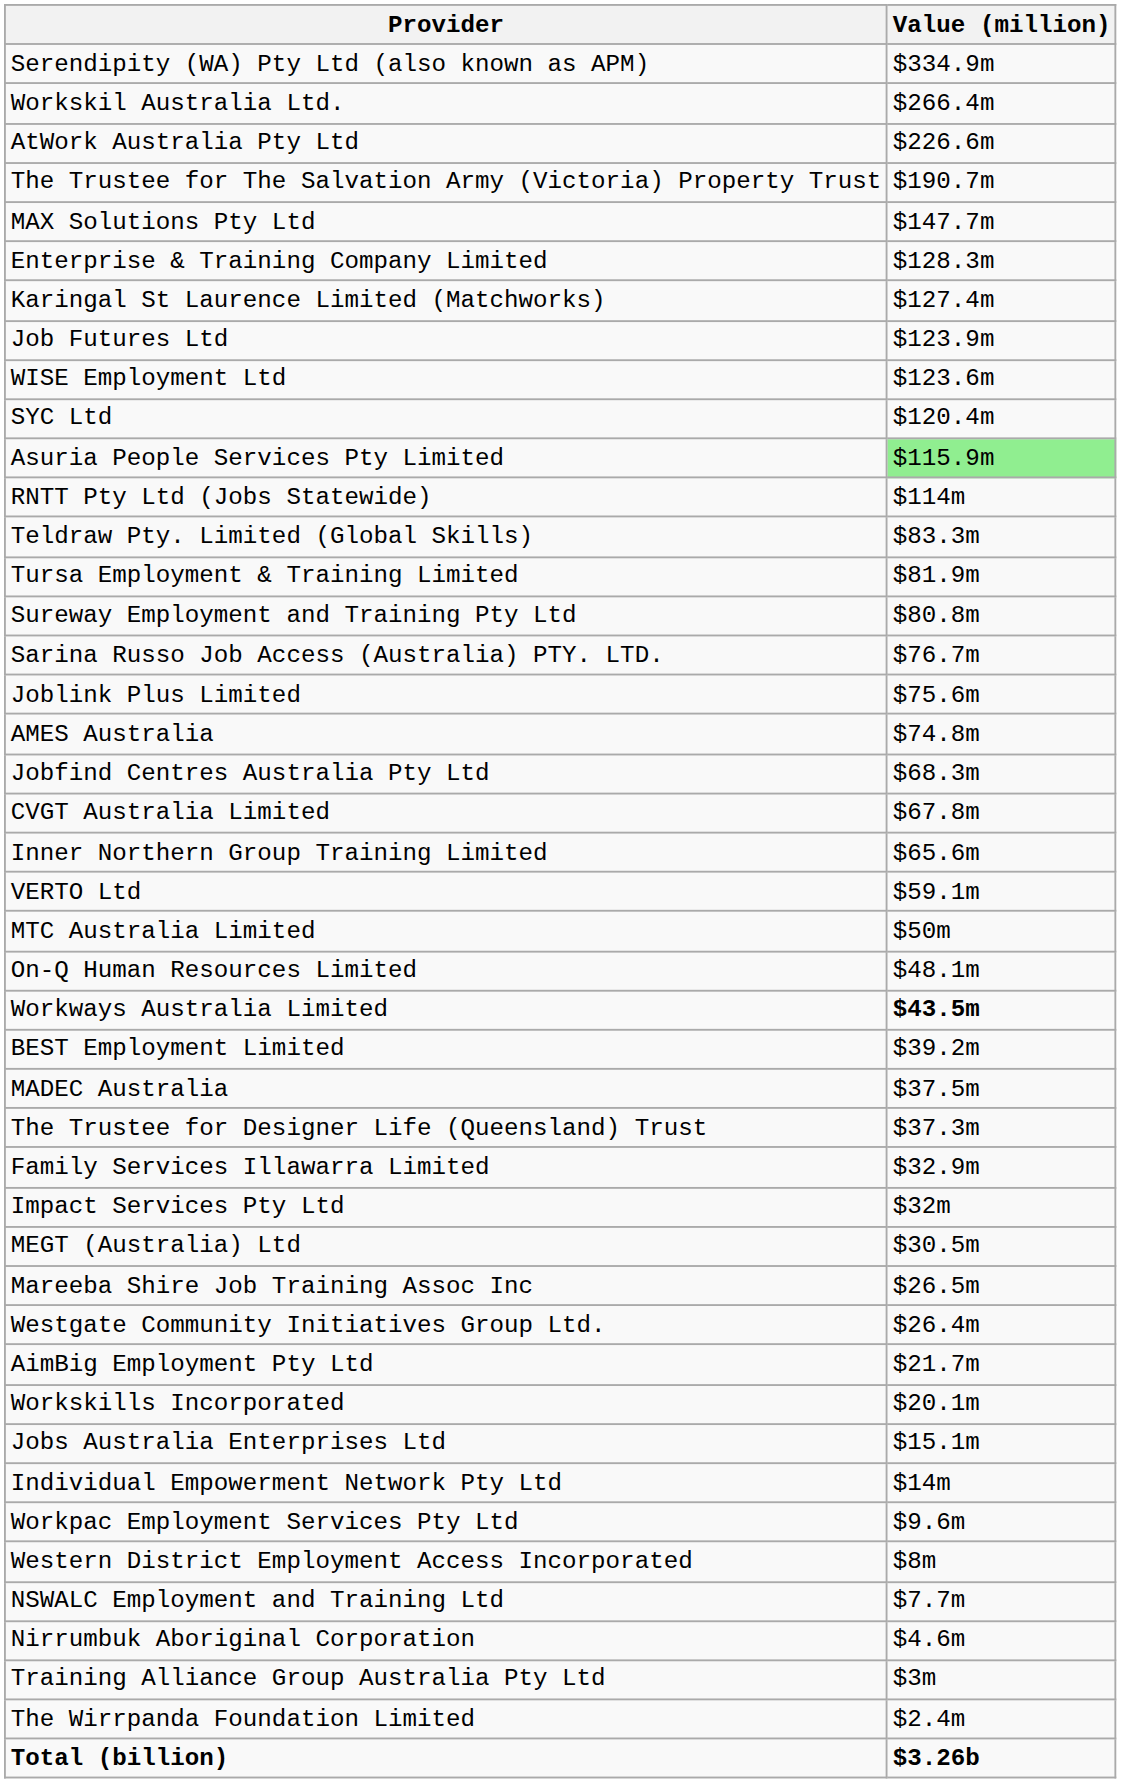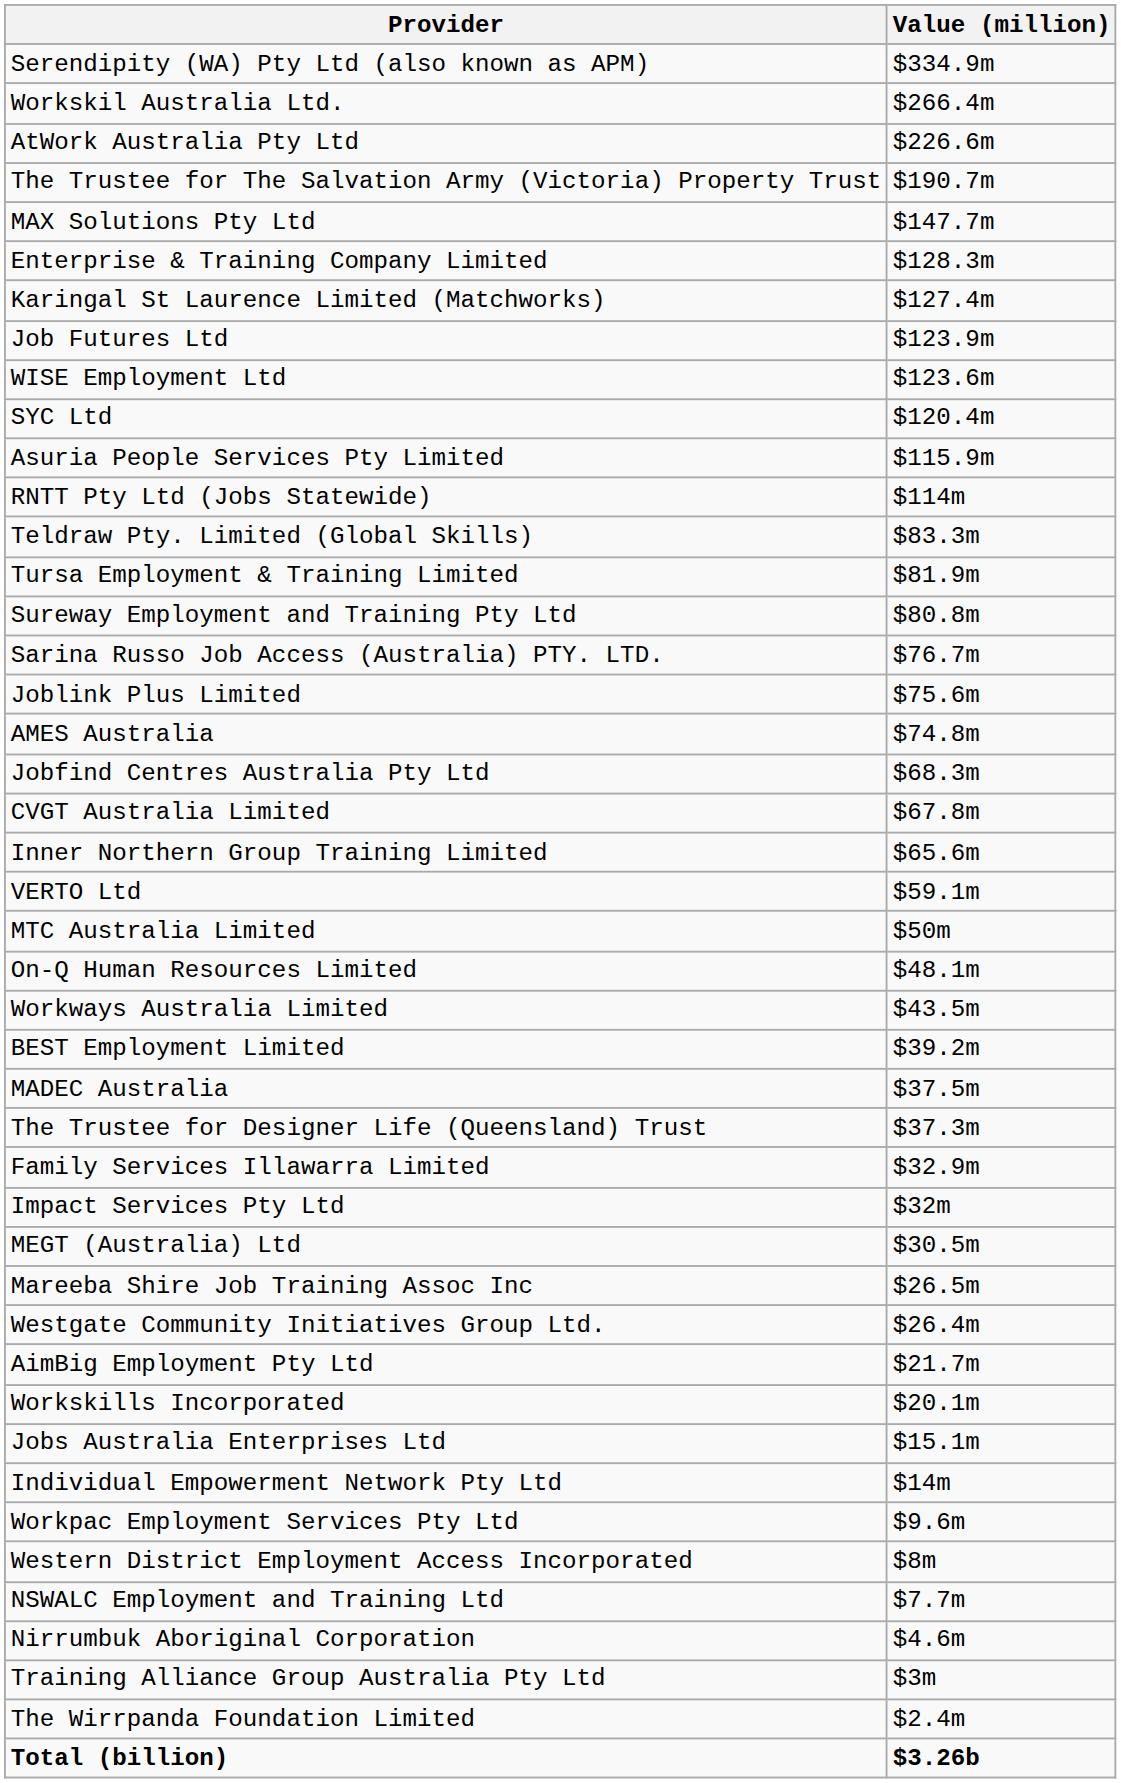 <table class="wikitable">
 <tr>
 <th>Provider</th>
 <th>Value (million)</th>
 </tr>
 <tr>
 <td>Serendipity (WA) Pty Ltd (also known as APM)</td>
 <td>$334.9m</td>
 </tr>
 <tr>
 <td>Workskil Australia Ltd.</td>
 <td>$266.4m</td>
 </tr>
 <tr>
 <td>AtWork Australia Pty Ltd</td>
 <td>$226.6m</td>
 </tr>
 <tr>
 <td>The Trustee for The Salvation Army (Victoria) Property Trust</td>
 <td>$190.7m</td>
 </tr>
 <tr>
 <td>MAX Solutions Pty Ltd</td>
 <td>$147.7m</td>
 </tr>
 <tr>
 <td>Enterprise & Training Company Limited</td>
 <td>$128.3m</td>
 </tr>
 <tr>
 <td>Karingal St Laurence Limited (Matchworks)</td>
 <td>$127.4m</td>
 </tr>
 <tr>
 <td>Job Futures Ltd</td>
 <td>$123.9m</td>
 </tr>
 <tr>
 <td>WISE Employment Ltd</td>
 <td>$123.6m</td>
 </tr>
 <tr>
 <td>SYC Ltd</td>
 <td>$120.4m</td>
 </tr>
 <tr>
 <td>Asuria People Services Pty Limited</td>
-<td style="background: lightgreen;">$115.9m</td>
+<td>$115.9m</td>
 </tr>
 <tr>
 <td>RNTT Pty Ltd (Jobs Statewide)</td>
 <td>$114m</td>
 </tr>
 <tr>
 <td>Teldraw Pty. Limited (Global Skills)</td>
 <td>$83.3m</td>
 </tr>
 <tr>
 <td>Tursa Employment & Training Limited</td>
 <td>$81.9m</td>
 </tr>
 <tr>
 <td>Sureway Employment and Training Pty Ltd</td>
 <td>$80.8m</td>
 </tr>
 <tr>
 <td>Sarina Russo Job Access (Australia) PTY. LTD.</td>
 <td>$76.7m</td>
 </tr>
 <tr>
 <td>Joblink Plus Limited</td>
 <td>$75.6m</td>
 </tr>
 <tr>
 <td>AMES Australia</td>
 <td>$74.8m</td>
 </tr>
 <tr>
 <td>Jobfind Centres Australia Pty Ltd</td>
 <td>$68.3m</td>
 </tr>
 <tr>
 <td>CVGT Australia Limited</td>
 <td>$67.8m</td>
 </tr>
 <tr>
 <td>Inner Northern Group Training Limited</td>
 <td>$65.6m</td>
 </tr>
 <tr>
 <td>VERTO Ltd</td>
 <td>$59.1m</td>
 </tr>
 <tr>
 <td>MTC Australia Limited</td>
 <td>$50m</td>
 </tr>
 <tr>
 <td>On-Q Human Resources Limited</td>
 <td>$48.1m</td>
 </tr>
 <tr>
 <td>Workways Australia Limited</td>
-<td><strong>$43.5m</strong></td>
+<td>$43.5m</td>
 </tr>
 <tr>
 <td>BEST Employment Limited</td>
 <td>$39.2m</td>
 </tr>
 <tr>
 <td>MADEC Australia</td>
 <td>$37.5m</td>
 </tr>
 <tr>
 <td>The Trustee for Designer Life (Queensland) Trust</td>
 <td>$37.3m</td>
 </tr>
 <tr>
 <td>Family Services Illawarra Limited</td>
 <td>$32.9m</td>
 </tr>
 <tr>
 <td>Impact Services Pty Ltd</td>
 <td>$32m</td>
 </tr>
 <tr>
 <td>MEGT (Australia) Ltd</td>
 <td>$30.5m</td>
 </tr>
 <tr>
 <td>Mareeba Shire Job Training Assoc Inc</td>
 <td>$26.5m</td>
 </tr>
 <tr>
 <td>Westgate Community Initiatives Group Ltd.</td>
 <td>$26.4m</td>
 </tr>
 <tr>
 <td>AimBig Employment Pty Ltd</td>
 <td>$21.7m</td>
 </tr>
 <tr>
 <td>Workskills Incorporated</td>
 <td>$20.1m</td>
 </tr>
 <tr>
 <td>Jobs Australia Enterprises Ltd</td>
 <td>$15.1m</td>
 </tr>
 <tr>
 <td>Individual Empowerment Network Pty Ltd</td>
 <td>$14m</td>
 </tr>
 <tr>
 <td>Workpac Employment Services Pty Ltd</td>
 <td>$9.6m</td>
 </tr>
 <tr>
 <td>Western District Employment Access Incorporated</td>
 <td>$8m</td>
 </tr>
 <tr>
 <td>NSWALC Employment and Training Ltd</td>
 <td>$7.7m</td>
 </tr>
 <tr>
 <td>Nirrumbuk Aboriginal Corporation</td>
 <td>$4.6m</td>
 </tr>
 <tr>
 <td>Training Alliance Group Australia Pty Ltd</td>
 <td>$3m</td>
 </tr>
 <tr>
 <td>The Wirrpanda Foundation Limited</td>
 <td>$2.4m</td>
 </tr>
 <tr>
 <td><strong>Total (billion)</strong></td>
 <td><strong>$3.26b</strong></td>
 </tr>
 </table>
